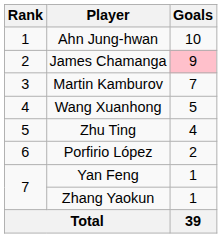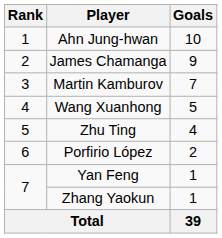 <table class="wikitable" style="text-align:center">
 <tr>
 <th>Rank</th>
 <th>Player</th>
 <th>Goals</th>
 </tr>
 <tr>
 <td>1</td>
 <td>Ahn Jung-hwan</td>
 <td>10</td>
 </tr>
 <tr>
 <td>2</td>
 <td>James Chamanga</td>
-<td style="background: pink;">9</td>
+<td>9</td>
 </tr>
 <tr>
 <td>3</td>
 <td>Martin Kamburov</td>
 <td>7</td>
 </tr>
 <tr>
 <td>4</td>
 <td>Wang Xuanhong</td>
 <td>5</td>
 </tr>
 <tr>
 <td>5</td>
 <td>Zhu Ting</td>
 <td>4</td>
 </tr>
 <tr>
 <td>6</td>
 <td>Porfirio López</td>
 <td>2</td>
 </tr>
 <tr>
 <td rowspan="2">7</td>
 <td>Yan Feng</td>
 <td>1</td>
 </tr>
 <tr>
 <td>Zhang Yaokun</td>
 <td>1</td>
 </tr>
 <tr>
 <th colspan="2">Total</th>
 <th>39</th>
 </tr>
 </table>
